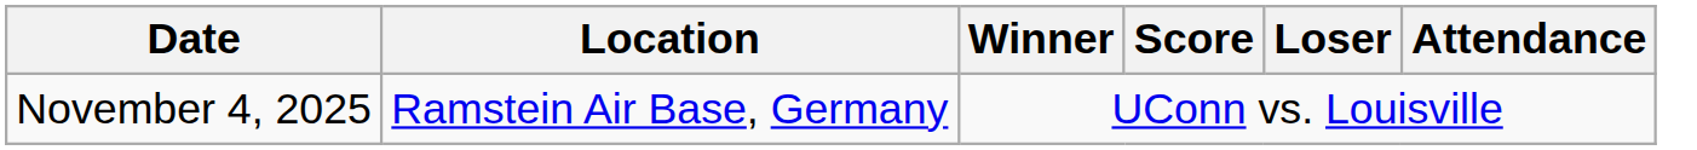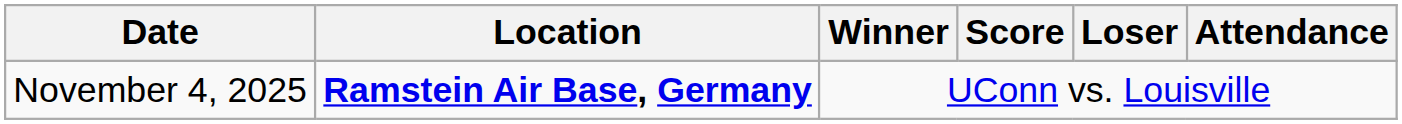 <table class="wikitable">
 <tr>
 <th>Date</th>
 <th>Location</th>
 <th>Winner</th>
 <th>Score</th>
 <th>Loser</th>
 <th>Attendance</th>
 </tr>
 <tr>
 <td>November 4, 2025</td>
-<td><a href='#'>Ramstein Air Base</a>, <a href='#'>Germany</a></td>
+<td><strong><a href='#'>Ramstein Air Base</a>, <a href='#'>Germany</a></strong></td>
 <td colspan=4 align=center><a href='#'>UConn</a> vs. <a href='#'>Louisville</a></td>
 </tr>
 </table>
